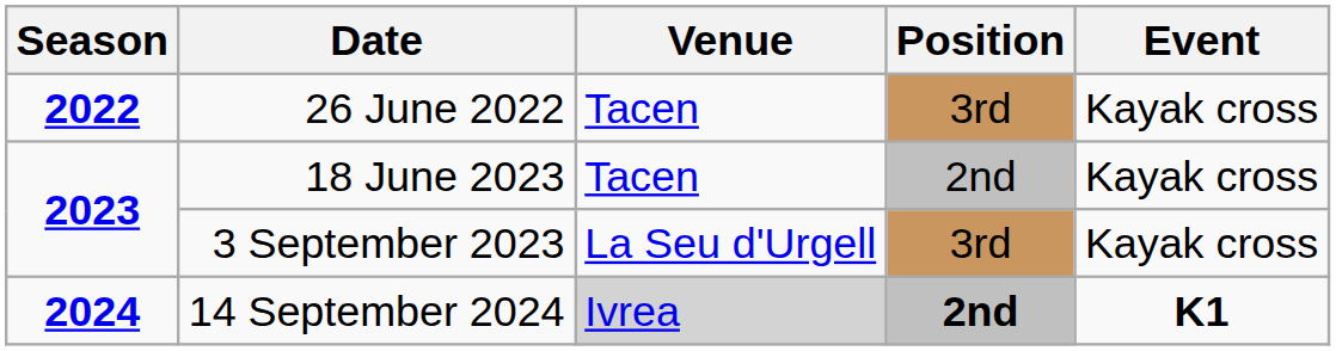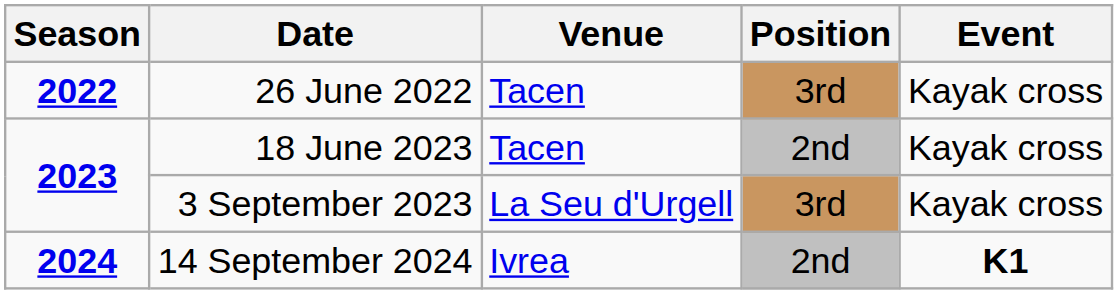 <table class="wikitable" style="text-align:center; font-size:95%;">
 <tr>
 <th>Season</th>
 <th>Date</th>
 <th>Venue</th>
 <th>Position</th>
 <th>Event</th>
 </tr>
 <tr>
 <td><strong><a href='#'>2022</a></strong></td>
 <td align=right>26 June 2022</td>
 <td align=left><a href='#'>Tacen</a></td>
 <td bgcolor=c9966>3rd</td>
 <td>Kayak cross</td>
 </tr>
 <tr>
 <td rowspan=2><strong><a href='#'>2023</a></strong></td>
 <td align=right>18 June 2023</td>
 <td align=left><a href='#'>Tacen</a></td>
 <td bgcolor=silver>2nd</td>
 <td>Kayak cross</td>
 </tr>
 <tr>
 <td align=right>3 September 2023</td>
 <td align=left><a href='#'>La Seu d'Urgell</a></td>
 <td bgcolor=c9966>3rd</td>
 <td>Kayak cross</td>
 </tr>
 <tr>
 <td><strong><a href='#'>2024</a></strong></td>
 <td align=right>14 September 2024</td>
-<td align=left style="background: lightgrey;"><a href='#'>Ivrea</a></td>
-<td bgcolor=silver><strong>2nd</strong></td>
+<td align=left><a href='#'>Ivrea</a></td>
+<td bgcolor=silver>2nd</td>
 <td><strong>K1</strong></td>
 </tr>
 </table>
